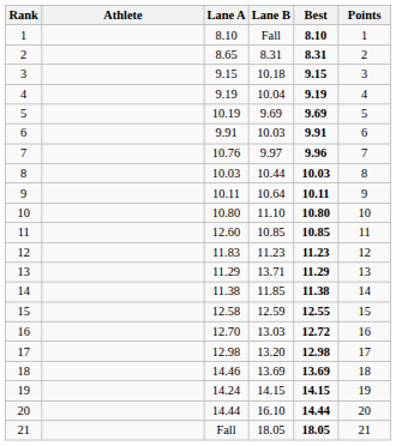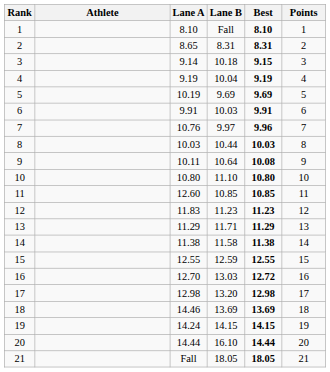 <table class="wikitable" style="text-align:center">
 <tr>
 <th width=40>Rank</th>
 <th width=200>Athlete</th>
 <th width=50>Lane A</th>
 <th width=50>Lane B</th>
 <th width=50>Best</th>
 <th width=60>Points</th>
 </tr>
 <tr>
 <td>1</td>
 <td align=left></td>
 <td>8.10</td>
 <td>Fall</td>
 <td><strong>8.10</strong></td>
 <td>1</td>
 </tr>
 <tr>
 <td>2</td>
 <td align=left></td>
 <td>8.65</td>
 <td>8.31</td>
 <td><strong>8.31</strong></td>
 <td>2</td>
 </tr>
 <tr>
 <td>3</td>
 <td align=left></td>
-<td>9.15</td>
+<td>9.14</td>
 <td>10.18</td>
 <td><strong>9.15</strong></td>
 <td>3</td>
 </tr>
 <tr>
 <td>4</td>
 <td align=left></td>
 <td>9.19</td>
 <td>10.04</td>
 <td><strong>9.19</strong></td>
 <td>4</td>
 </tr>
 <tr>
 <td>5</td>
 <td align=left></td>
 <td>10.19</td>
 <td>9.69</td>
 <td><strong>9.69</strong></td>
 <td>5</td>
 </tr>
 <tr>
 <td>6</td>
 <td align=left></td>
 <td>9.91</td>
 <td>10.03</td>
 <td><strong>9.91</strong></td>
 <td>6</td>
 </tr>
 <tr>
 <td>7</td>
 <td align=left></td>
 <td>10.76</td>
 <td>9.97</td>
 <td><strong>9.96</strong></td>
 <td>7</td>
 </tr>
 <tr>
 <td>8</td>
 <td align=left></td>
 <td>10.03</td>
 <td>10.44</td>
 <td><strong>10.03</strong></td>
 <td>8</td>
 </tr>
 <tr>
 <td>9</td>
 <td align=left></td>
 <td>10.11</td>
 <td>10.64</td>
-<td><strong>10.11</strong></td>
+<td><strong>10.08</strong></td>
 <td>9</td>
 </tr>
 <tr>
 <td>10</td>
 <td align=left></td>
 <td>10.80</td>
 <td>11.10</td>
 <td><strong>10.80</strong></td>
 <td>10</td>
 </tr>
 <tr>
 <td>11</td>
 <td align=left></td>
 <td>12.60</td>
 <td>10.85</td>
 <td><strong>10.85</strong></td>
 <td>11</td>
 </tr>
 <tr>
 <td>12</td>
 <td align=left></td>
 <td>11.83</td>
 <td>11.23</td>
 <td><strong>11.23</strong></td>
 <td>12</td>
 </tr>
 <tr>
 <td>13</td>
 <td align=left></td>
 <td>11.29</td>
-<td>13.71</td>
+<td>11.71</td>
 <td><strong>11.29</strong></td>
 <td>13</td>
 </tr>
 <tr>
 <td>14</td>
 <td align=left></td>
 <td>11.38</td>
-<td>11.85</td>
+<td>11.58</td>
 <td><strong>11.38</strong></td>
 <td>14</td>
 </tr>
 <tr>
 <td>15</td>
 <td align=left></td>
-<td>12.58</td>
+<td>12.55</td>
 <td>12.59</td>
 <td><strong>12.55</strong></td>
 <td>15</td>
 </tr>
 <tr>
 <td>16</td>
 <td align=left></td>
 <td>12.70</td>
 <td>13.03</td>
 <td><strong>12.72</strong></td>
 <td>16</td>
 </tr>
 <tr>
 <td>17</td>
 <td align=left></td>
 <td>12.98</td>
 <td>13.20</td>
 <td><strong>12.98</strong></td>
 <td>17</td>
 </tr>
 <tr>
 <td>18</td>
 <td align=left></td>
 <td>14.46</td>
 <td>13.69</td>
 <td><strong>13.69</strong></td>
 <td>18</td>
 </tr>
 <tr>
 <td>19</td>
 <td align=left></td>
 <td>14.24</td>
 <td>14.15</td>
 <td><strong>14.15</strong></td>
 <td>19</td>
 </tr>
 <tr>
 <td>20</td>
 <td align=left></td>
 <td>14.44</td>
 <td>16.10</td>
 <td><strong>14.44</strong></td>
 <td>20</td>
 </tr>
 <tr>
 <td>21</td>
 <td align=left></td>
 <td>Fall</td>
 <td>18.05</td>
 <td><strong>18.05</strong></td>
 <td>21</td>
 </tr>
 </table>
